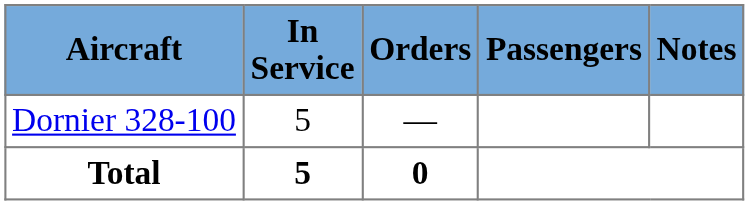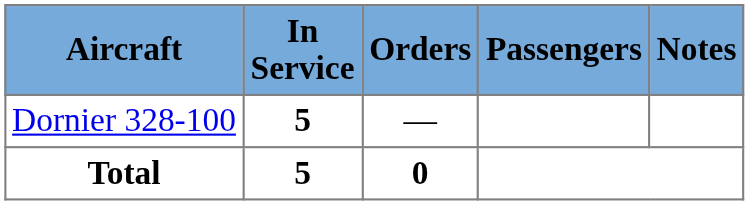 <table class="toccolours" border="1" cellpadding="3" style="border-collapse:collapse;margin: 1em auto;">
 <tr bgcolor=#75aadb>
 <th>Aircraft</th>
 <th>In<br>Service</th>
 <th>Orders</th>
 <th>Passengers</th>
 <th>Notes</th>
 </tr>
 <tr>
 <td><a href='#'>Dornier 328-100</a></td>
-<td align="center">5</td>
+<td align="center"><strong>5</strong></td>
 <td align="center">—</td>
 <td align="center"></td>
 <td></td>
 </tr>
 <tr>
 <th>Total</th>
 <th>5</th>
 <th>0</th>
 <th colspan="2"></th>
 </tr>
 </table>
